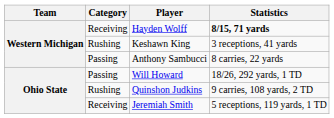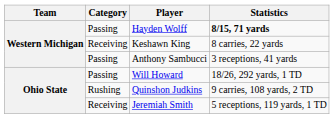 <table class="wikitable" style="float:right">
 <tr>
 <th>Team</th>
 <th>Category</th>
 <th>Player</th>
 <th>Statistics</th>
 </tr>
 <tr>
 <th rowspan=3>Western Michigan</th>
-<td>Receiving</td>
+<td>Passing</td>
 <td><a href='#'>Hayden Wolff</a></td>
 <td><strong>8/15, 71 yards</strong></td>
 </tr>
 <tr>
-<td>Rushing</td>
+<td>Receiving</td>
 <td>Keshawn King</td>
-<td>3 receptions, 41 yards</td>
+<td>8 carries, 22 yards</td>
 </tr>
 <tr>
 <td>Passing</td>
 <td>Anthony Sambucci</td>
-<td>8 carries, 22 yards</td>
+<td>3 receptions, 41 yards</td>
 </tr>
 <tr>
 <th rowspan=3>Ohio State</th>
 <td>Passing</td>
 <td><a href='#'>Will Howard</a></td>
 <td>18/26, 292 yards, 1 TD</td>
 </tr>
 <tr>
 <td>Rushing</td>
 <td><a href='#'>Quinshon Judkins</a></td>
 <td>9 carries, 108 yards, 2 TD</td>
 </tr>
 <tr>
 <td>Receiving</td>
 <td><a href='#'>Jeremiah Smith</a></td>
 <td>5 receptions, 119 yards, 1 TD</td>
 </tr>
 </table>
